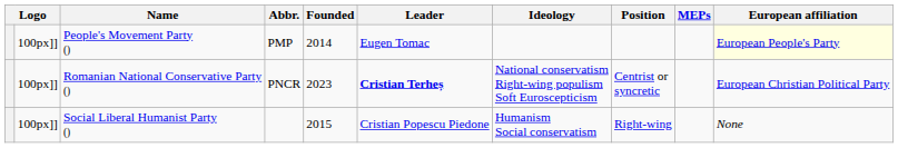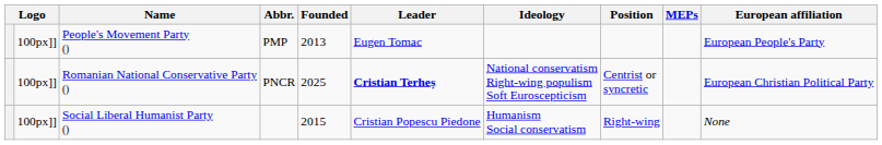 <table class="wikitable sortable">
 <tr>
 <th colspan=2>Logo</th>
 <th>Name</th>
 <th>Abbr.</th>
 <th>Founded</th>
 <th>Leader</th>
 <th>Ideology</th>
 <th>Position</th>
 <th><a href='#'>MEPs</a></th>
 <th>European affiliation</th>
 </tr>
 <tr>
 <th width=5px style="background-color: "></th>
 <td [[File:PMP logo.svg>100px]]</td>
 <td><a href='#'>People's Movement Party</a><br><small>()</small></td>
 <td>PMP</td>
-<td>2014</td>
+<td>2013</td>
 <td><a href='#'>Eugen Tomac</a></td>
 <td></td>
 <td></td>
 <td></td>
-<td style="background: lightyellow;"><a href='#'>European People's Party</a></td>
+<td><a href='#'>European People's Party</a></td>
 </tr>
 <tr>
 <th width=5px style="background-color: "></th>
 <td [[File:Logo of the Romanian National Conservative Party.svg>100px]]</td>
 <td><a href='#'>Romanian National Conservative Party</a><br><small>()</small></td>
 <td>PNCR</td>
-<td>2023</td>
+<td>2025</td>
 <td><strong><a href='#'>Cristian Terheș</a></strong></td>
 <td><a href='#'>National conservatism</a><br><a href='#'>Right-wing populism</a><br><a href='#'>Soft Euroscepticism</a></td>
 <td><a href='#'>Centrist</a> or<br><a href='#'>syncretic</a></td>
 <td></td>
 <td><a href='#'>European Christian Political Party</a></td>
 </tr>
 <tr>
 <th style="background-color: "></th>
 <td [[File:Logo of the Social Liberal Humanist Party.png>100px]]</td>
 <td><a href='#'>Social Liberal Humanist Party</a><br><small>()</small></td>
 <td></td>
 <td>2015</td>
 <td><a href='#'>Cristian Popescu Piedone</a></td>
 <td><a href='#'>Humanism</a><br> <a href='#'>Social conservatism</a></td>
 <td><a href='#'>Right-wing</a></td>
 <td></td>
 <td><em>None</em></td>
 </tr>
 </table>
